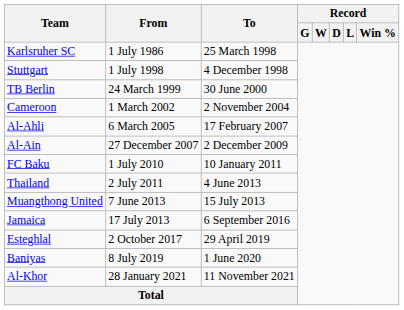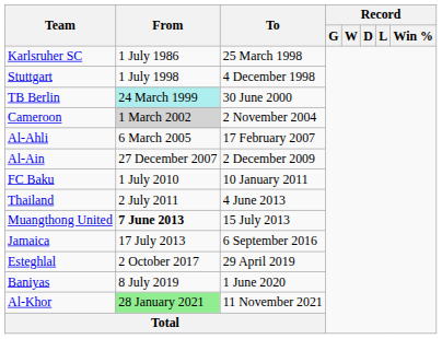 <table class="wikitable" style="text-align: center">
 <tr>
 <th rowspan="2">Team</th>
 <th rowspan="2">From</th>
 <th rowspan="2">To</th>
 <th colspan="6">Record</th>
 </tr>
 <tr>
 <th>G</th>
 <th>W</th>
 <th>D</th>
 <th>L</th>
 <th>Win %</th>
 </tr>
 <tr>
 <td align=left><a href='#'>Karlsruher SC</a></td>
 <td align=left>1 July 1986</td>
 <td align=left>25 March 1998<br></td>
 </tr>
 <tr>
 <td align=left><a href='#'>Stuttgart</a></td>
 <td align=left>1 July 1998</td>
 <td align=left>4 December 1998<br></td>
 </tr>
 <tr>
 <td align=left><a href='#'>TB Berlin</a></td>
-<td align=left>24 March 1999</td>
+<td align=left style="background: paleturquoise;">24 March 1999</td>
 <td align=left>30 June 2000<br></td>
 </tr>
 <tr>
 <td align=left><a href='#'>Cameroon</a></td>
-<td align=left>1 March 2002</td>
+<td align=left style="background: lightgrey;">1 March 2002</td>
 <td align=left>2 November 2004<br></td>
 </tr>
 <tr>
 <td align=left><a href='#'>Al-Ahli</a></td>
 <td align=left>6 March 2005</td>
 <td align=left>17 February 2007<br></td>
 </tr>
 <tr>
 <td align=left><a href='#'>Al-Ain</a></td>
 <td align=left>27 December 2007</td>
 <td align=left>2 December 2009<br></td>
 </tr>
 <tr>
 <td align=left><a href='#'>FC Baku</a></td>
 <td align=left>1 July 2010</td>
 <td align=left>10 January 2011<br></td>
 </tr>
 <tr>
 <td align=left><a href='#'>Thailand</a></td>
 <td align=left>2 July 2011</td>
 <td align=left>4 June 2013<br></td>
 </tr>
 <tr>
 <td align=left><a href='#'>Muangthong United</a></td>
-<td align=left>7 June 2013</td>
+<td align=left><strong>7 June 2013</strong></td>
 <td align=left>15 July 2013<br></td>
 </tr>
 <tr>
 <td align=left><a href='#'>Jamaica</a></td>
 <td align=left>17 July 2013</td>
 <td align=left>6 September 2016<br></td>
 </tr>
 <tr>
 <td align=left><a href='#'>Esteghlal</a></td>
 <td align=left>2 October 2017</td>
 <td align=left>29 April 2019<br></td>
 </tr>
 <tr>
 <td align=left><a href='#'>Baniyas</a></td>
 <td align=left>8 July 2019</td>
 <td align=left>1 June 2020<br></td>
 </tr>
 <tr>
 <td align=left><a href='#'>Al-Khor</a></td>
-<td align=left>28 January 2021</td>
+<td align=left style="background: lightgreen;">28 January 2021</td>
 <td align=left>11 November 2021<br></td>
 </tr>
 <tr>
 <th colspan="3">Total<br></th>
 </tr>
 </table>
